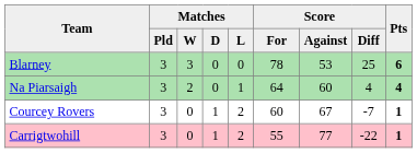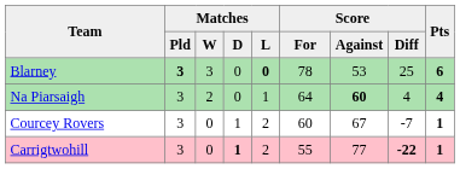 <table style=border-collapse:collapse border=1 cellspacing=0 cellpadding=5>
 <tr align=center bgcolor=#efefef>
 <th rowspan=2 width=165>Team</th>
 <th colspan=4>Matches</th>
 <th colspan=3>Score</th>
 <th rowspan=2width=20>Pts</th>
 </tr>
 <tr align=center bgcolor=#efefef>
 <th width=20>Pld</th>
 <th width=20>W</th>
 <th width=20>D</th>
 <th width=20>L</th>
 <th width=45>For</th>
 <th width=45>Against</th>
 <th width=30>Diff</th>
 </tr>
 <tr align=center style="background:#ACE1AF;">
 <td style="text-align:left;"><a href='#'>Blarney</a></td>
-<td>3</td>
+<td><strong>3</strong></td>
 <td>3</td>
 <td>0</td>
-<td>0</td>
+<td><strong>0</strong></td>
 <td>78</td>
 <td>53</td>
 <td>25</td>
 <td><strong>6</strong></td>
 </tr>
 <tr align=center style="background:#ACE1AF;">
 <td style="text-align:left;"><a href='#'>Na Piarsaigh</a></td>
 <td>3</td>
 <td>2</td>
 <td>0</td>
 <td>1</td>
 <td>64</td>
-<td>60</td>
+<td><strong>60</strong></td>
 <td>4</td>
 <td><strong>4</strong></td>
 </tr>
 <tr align=center>
 <td style="text-align:left;"><a href='#'>Courcey Rovers</a></td>
 <td>3</td>
 <td>0</td>
 <td>1</td>
 <td>2</td>
 <td>60</td>
 <td>67</td>
 <td>-7</td>
 <td><strong>1</strong></td>
 </tr>
 <tr align=center style="background:#FFC0CB;">
 <td style="text-align:left;"><a href='#'>Carrigtwohill</a></td>
 <td>3</td>
 <td>0</td>
-<td>1</td>
+<td><strong>1</strong></td>
 <td>2</td>
 <td>55</td>
 <td>77</td>
-<td>-22</td>
+<td><strong>-22</strong></td>
 <td><strong>1</strong></td>
 </tr>
 </table>
